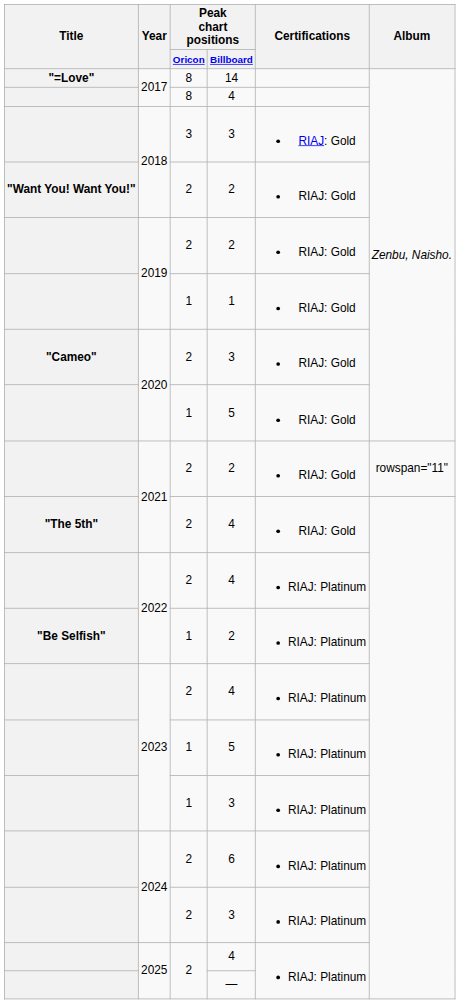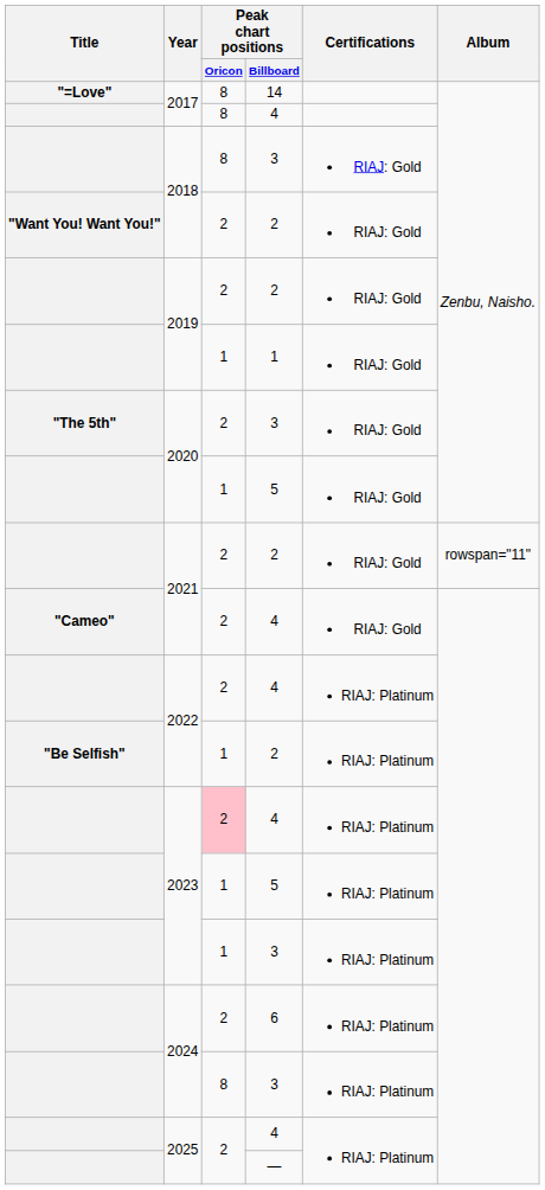 <table class="wikitable plainrowheaders" style="text-align:center;">
 <tr>
 <th scope="col" rowspan="2">Title</th>
 <th scope="col" rowspan="2">Year</th>
 <th scope="col" colspan="2">Peak <br> chart <br> positions</th>
 <th scope="col" rowspan="2">Certifications</th>
 <th scope="col" rowspan="2">Album</th>
 </tr>
 <tr>
 <th scope="col" colspan="1"><small><a href='#'>Oricon</a></small></th>
 <th scope="col" colspan="1"><small><a href='#'>Billboard</a></small></th>
 </tr>
 <tr>
 <th scope="row">"=Love"</th>
 <td rowspan="2">2017</td>
 <td>8</td>
 <td>14</td>
 <td></td>
 <td rowspan="8"><em>Zenbu, Naisho.</em></td>
 </tr>
 <tr>
 <th scope="row"></th>
 <td>8</td>
 <td>4</td>
 <td></td>
 </tr>
 <tr>
 <th scope="row"></th>
 <td rowspan="2">2018</td>
-<td>3</td>
+<td>8</td>
 <td>3</td>
 <td><br><ul><li><a href='#'>RIAJ</a>: Gold</li></ul></td>
 </tr>
 <tr>
 <th scope="row">"Want You! Want You!"</th>
 <td>2</td>
 <td>2</td>
 <td><br><ul><li>RIAJ: Gold</li></ul></td>
 </tr>
 <tr>
 <th scope="row"></th>
 <td rowspan="2">2019</td>
 <td>2</td>
 <td>2</td>
 <td><br><ul><li>RIAJ: Gold</li></ul></td>
 </tr>
 <tr>
 <th scope="row"></th>
 <td>1</td>
 <td>1</td>
 <td><br><ul><li>RIAJ: Gold</li></ul></td>
 </tr>
 <tr>
-<th scope="row">"Cameo"</th>
+<th scope="row">"The 5th"</th>
 <td rowspan="2">2020</td>
 <td>2</td>
 <td>3</td>
 <td><br><ul><li>RIAJ: Gold</li></ul></td>
 </tr>
 <tr>
 <th scope="row"></th>
 <td>1</td>
 <td>5</td>
 <td><br><ul><li>RIAJ: Gold</li></ul></td>
 </tr>
 <tr>
 <th scope="row"></th>
 <td rowspan="2">2021</td>
 <td>2</td>
 <td>2</td>
 <td><br><ul><li>RIAJ: Gold</li></ul></td>
 <td>rowspan="11" </td>
 </tr>
 <tr>
-<th scope="row">"The 5th"</th>
+<th scope="row">"Cameo"</th>
 <td>2</td>
 <td>4</td>
 <td><br><ul><li>RIAJ: Gold</li></ul></td>
 </tr>
 <tr>
 <th scope="row"></th>
 <td rowspan="2">2022</td>
 <td>2</td>
 <td>4</td>
 <td><br><ul><li>RIAJ: Platinum</li></ul></td>
 </tr>
 <tr>
 <th scope="row">"Be Selfish"</th>
 <td>1</td>
 <td>2</td>
 <td><br><ul><li>RIAJ: Platinum</li></ul></td>
 </tr>
 <tr>
 <th scope="row"></th>
 <td rowspan="3">2023</td>
-<td>2</td>
+<td style="background: pink;">2</td>
 <td>4</td>
 <td><br><ul><li>RIAJ: Platinum</li></ul></td>
 </tr>
 <tr>
 <th scope="row"></th>
 <td>1</td>
 <td>5</td>
 <td><br><ul><li>RIAJ: Platinum</li></ul></td>
 </tr>
 <tr>
 <th scope="row"></th>
 <td>1</td>
 <td>3</td>
 <td><br><ul><li>RIAJ: Platinum</li></ul></td>
 </tr>
 <tr>
 <th scope="row"></th>
 <td rowspan="2">2024</td>
 <td>2</td>
 <td>6</td>
 <td><br><ul><li>RIAJ: Platinum</li></ul></td>
 </tr>
 <tr>
 <th scope="row"></th>
-<td>2</td>
+<td>8</td>
 <td>3</td>
 <td><br><ul><li>RIAJ: Platinum</li></ul></td>
 </tr>
 <tr>
 <th scope="row"></th>
 <td rowspan="2">2025</td>
 <td rowspan="2">2</td>
 <td>4</td>
 <td rowspan="2"><br><ul><li>RIAJ: Platinum</li></ul></td>
 </tr>
 <tr>
 <th scope="row"></th>
 <td>—</td>
 </tr>
 </table>
